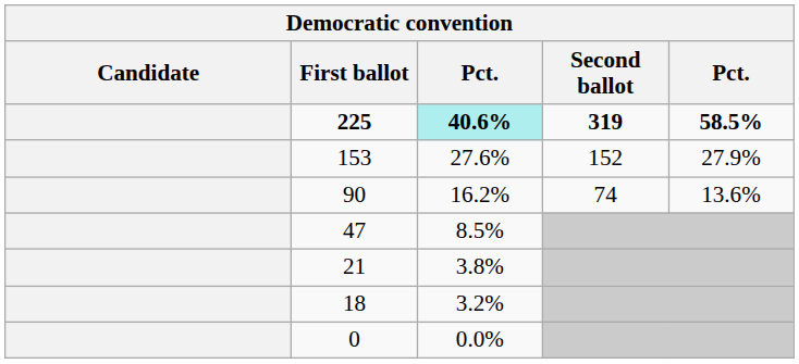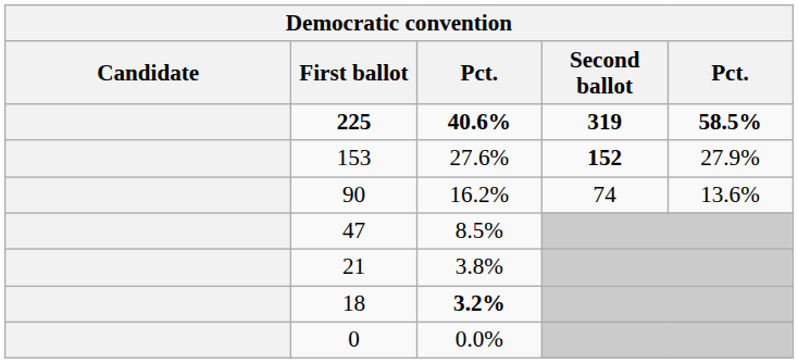 <table class="wikitable sortable plainrowheaders">
 <tr>
 <th colspan="5" >Democratic convention</th>
 </tr>
 <tr style="background:#eee; text-align:center;">
 <th scope="col" style="width: 12em">Candidate</th>
 <th scope="col"  style="width: 5em">First ballot</th>
 <th scope="col"  style="width: 5em">Pct.</th>
 <th scope="col"  style="width: 5em">Second ballot</th>
 <th scope="col"  style="width: 5em">Pct.</th>
 </tr>
 <tr>
 <th scope="row"><strong></strong></th>
 <td style="text-align:center;"><strong>225</strong></td>
-<td style="background: paleturquoise; text-align:center;"><strong>40.6%</strong></td>
+<td style="text-align:center;"><strong>40.6%</strong></td>
 <td style="text-align:center;"><strong>319</strong></td>
 <td style="text-align:center;"><strong>58.5%</strong></td>
 </tr>
 <tr>
 <th scope="row"></th>
 <td style="text-align:center;">153</td>
 <td style="text-align:center;">27.6%</td>
-<td style="text-align:center;">152</td>
+<td style="text-align:center;"><strong>152</strong></td>
 <td style="text-align:center;">27.9%</td>
 </tr>
 <tr>
 <th scope="row"></th>
 <td style="text-align:center;">90</td>
 <td style="text-align:center;">16.2%</td>
 <td style="text-align:center;">74</td>
 <td style="text-align:center;">13.6%</td>
 </tr>
 <tr>
 <th scope="row"></th>
 <td style="text-align:center;">47</td>
 <td style="text-align:center;">8.5%</td>
 <td colspan="2" style="text-align:center; background:#cbcbcb"><em></em></td>
 </tr>
 <tr>
 <th scope="row"></th>
 <td style="text-align:center;">21</td>
 <td style="text-align:center;">3.8%</td>
 <td colspan=2 style="text-align:center; background:#cbcbcb"><em></em></td>
 </tr>
 <tr>
 <th scope="row"></th>
 <td style="text-align:center;">18</td>
-<td style="text-align:center;">3.2%</td>
+<td style="text-align:center;"><strong>3.2%</strong></td>
 <td colspan=2 style="text-align:center; background:#cbcbcb"><em></em></td>
 </tr>
 <tr>
 <th scope="row"></th>
 <td style="text-align:center;">0</td>
 <td style="text-align:center;">0.0%</td>
 <td colspan=2 style="text-align:center; background:#cbcbcb"><em></em></td>
 </tr>
 </table>
